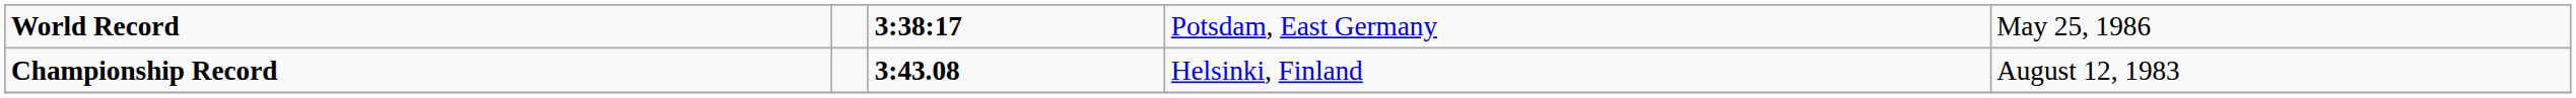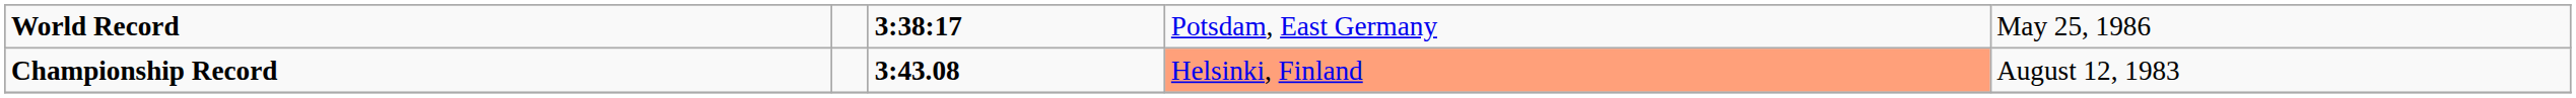 <table class="wikitable" width=75%>
 <tr>
 <td><strong>World Record</strong></td>
 <td></td>
 <td><strong>3:38:17</strong></td>
 <td><a href='#'>Potsdam</a>, <a href='#'>East Germany</a></td>
 <td>May 25, 1986</td>
 </tr>
 <tr>
 <td><strong>Championship Record</strong></td>
 <td></td>
 <td><strong>3:43.08</strong></td>
-<td><a href='#'>Helsinki</a>, <a href='#'>Finland</a></td>
+<td style="background: lightsalmon;"><a href='#'>Helsinki</a>, <a href='#'>Finland</a></td>
 <td>August 12, 1983</td>
 </tr>
 <tr>
 </tr>
 </table>
